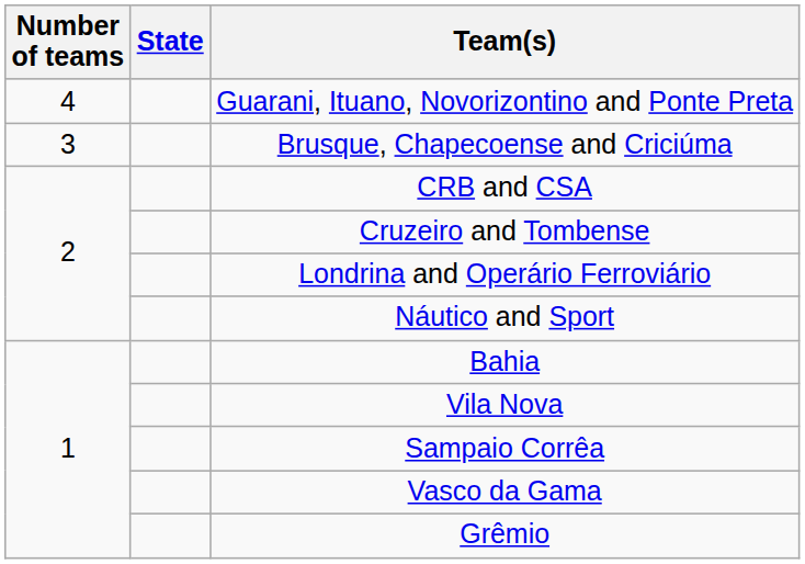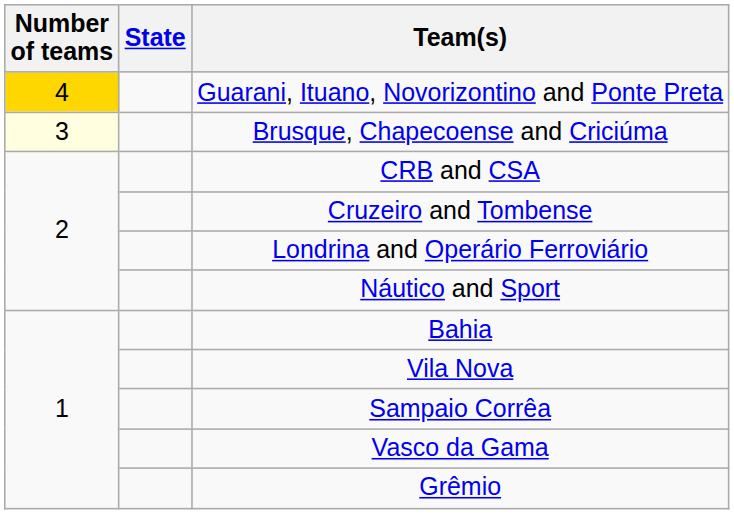 <table class="wikitable" style="text-align:center">
 <tr>
 <th>Number<br>of teams</th>
 <th><a href='#'>State</a></th>
 <th>Team(s)</th>
 </tr>
 <tr>
-<td>4</td>
+<td style="background: gold;">4</td>
 <td align=left></td>
 <td><a href='#'>Guarani</a>, <a href='#'>Ituano</a>, <a href='#'>Novorizontino</a> and <a href='#'>Ponte Preta</a></td>
 </tr>
 <tr>
-<td>3</td>
+<td style="background: lightyellow;">3</td>
 <td align=left></td>
 <td><a href='#'>Brusque</a>, <a href='#'>Chapecoense</a> and <a href='#'>Criciúma</a></td>
 </tr>
 <tr>
 <td rowspan=4>2</td>
 <td align=left></td>
 <td><a href='#'>CRB</a> and <a href='#'>CSA</a></td>
 </tr>
 <tr>
 <td align=left></td>
 <td><a href='#'>Cruzeiro</a> and <a href='#'>Tombense</a></td>
 </tr>
 <tr>
 <td align=left></td>
 <td><a href='#'>Londrina</a> and <a href='#'>Operário Ferroviário</a></td>
 </tr>
 <tr>
 <td align=left></td>
 <td><a href='#'>Náutico</a> and <a href='#'>Sport</a></td>
 </tr>
 <tr>
 <td rowspan=5>1</td>
 <td align=left></td>
 <td><a href='#'>Bahia</a></td>
 </tr>
 <tr>
 <td align=left></td>
 <td><a href='#'>Vila Nova</a></td>
 </tr>
 <tr>
 <td align=left></td>
 <td><a href='#'>Sampaio Corrêa</a></td>
 </tr>
 <tr>
 <td align=left></td>
 <td><a href='#'>Vasco da Gama</a></td>
 </tr>
 <tr>
 <td align=left></td>
 <td><a href='#'>Grêmio</a></td>
 </tr>
 </table>
